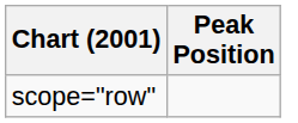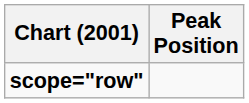 <table class="wikitable">
 <tr>
 <th align="left">Chart (2001)</th>
 <th align="left">Peak<br>Position</th>
 </tr>
 <tr>
-<td>scope="row"</td>
+<td><strong>scope="row"</strong></td>
 </tr>
 </table>
